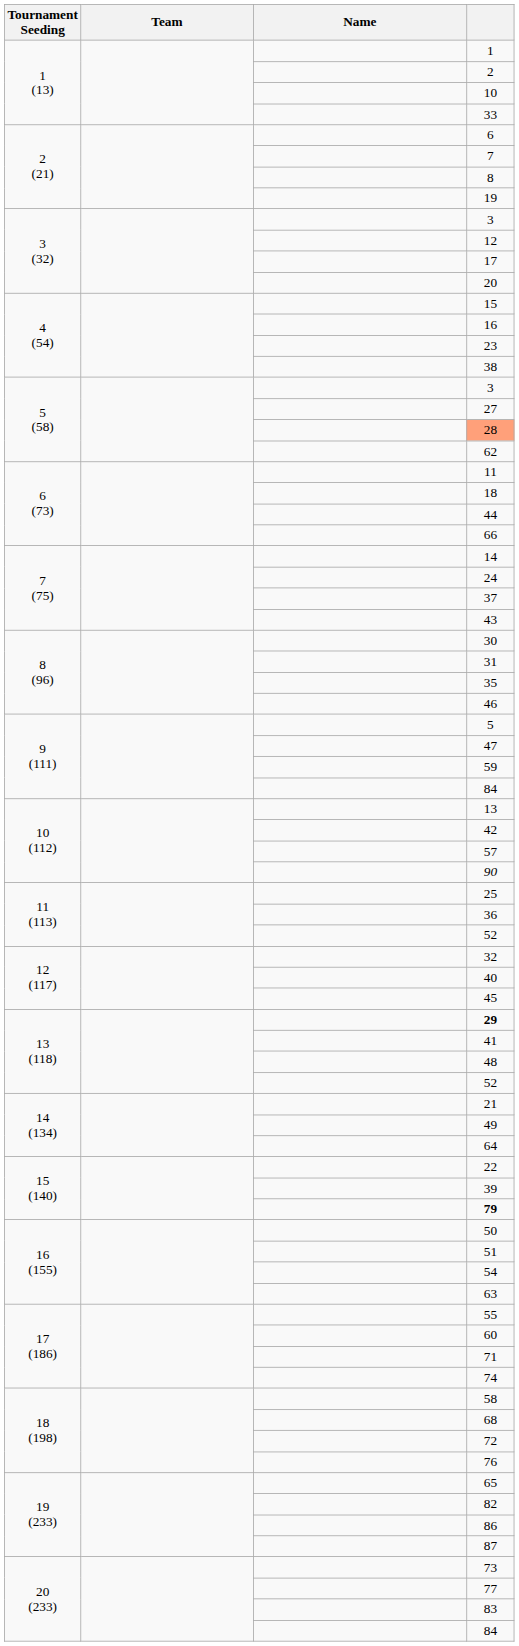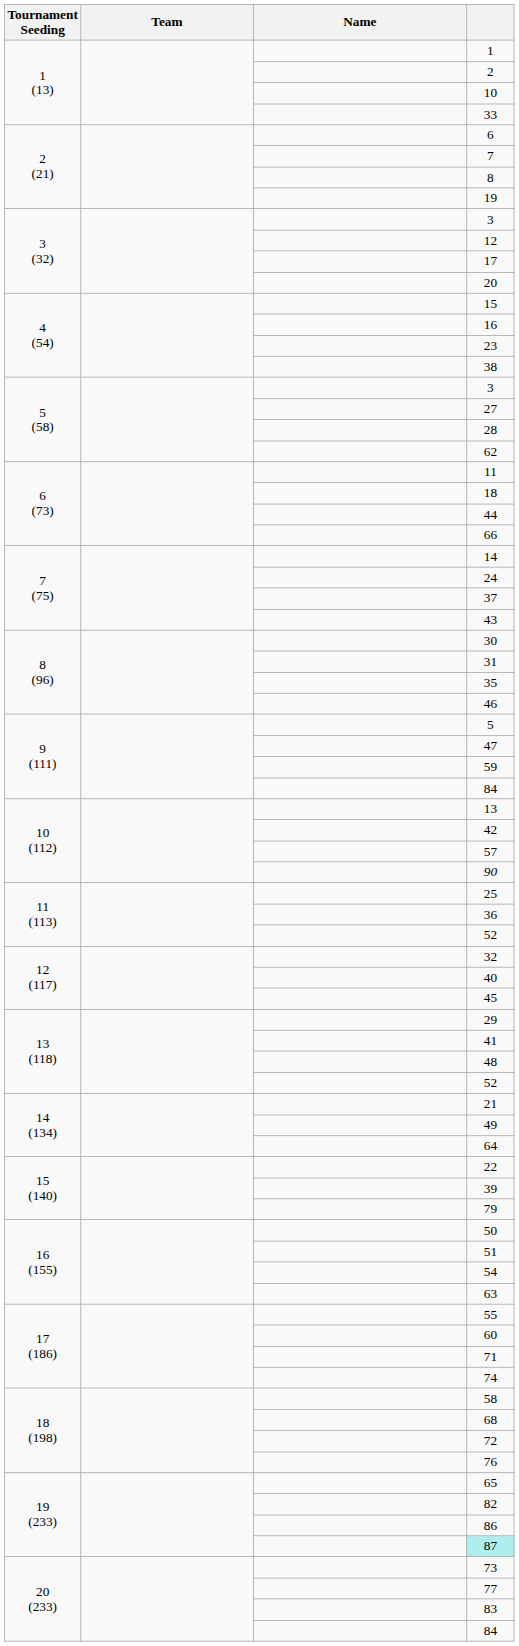 <table class="wikitable" style="text-align:center">
 <tr>
 <th width="50">Tournament Seeding</th>
 <th width="200">Team</th>
 <th width="250">Name</th>
 <th width="50"></th>
 </tr>
 <tr>
 <td rowspan="4">1<br>(13)</td>
 <td rowspan="4" align="left"></td>
 <td align="left"></td>
 <td>1</td>
 </tr>
 <tr>
 <td align="left"></td>
 <td>2</td>
 </tr>
 <tr>
 <td align="left"></td>
 <td>10</td>
 </tr>
 <tr>
 <td align="left"></td>
 <td>33</td>
 </tr>
 <tr>
 <td rowspan="4">2<br>(21)</td>
 <td rowspan="4" align="left"></td>
 <td align="left"></td>
 <td>6</td>
 </tr>
 <tr>
 <td align="left"></td>
 <td>7</td>
 </tr>
 <tr>
 <td align="left"></td>
 <td>8</td>
 </tr>
 <tr>
 <td align="left"></td>
 <td>19</td>
 </tr>
 <tr>
 <td rowspan="4">3<br>(32)</td>
 <td rowspan="4" align="left"></td>
 <td align="left"></td>
 <td>3</td>
 </tr>
 <tr>
 <td align="left"></td>
 <td>12</td>
 </tr>
 <tr>
 <td align="left"></td>
 <td>17</td>
 </tr>
 <tr>
 <td align="left"></td>
 <td>20</td>
 </tr>
 <tr>
 <td rowspan="4">4<br>(54)</td>
 <td rowspan="4" align="left"></td>
 <td align="left"></td>
 <td>15</td>
 </tr>
 <tr>
 <td align="left"></td>
 <td>16</td>
 </tr>
 <tr>
 <td align="left"></td>
 <td>23</td>
 </tr>
 <tr>
 <td align="left"></td>
 <td>38</td>
 </tr>
 <tr>
 <td rowspan="4">5<br>(58)</td>
 <td rowspan="4" align="left"></td>
 <td align="left"></td>
 <td>3</td>
 </tr>
 <tr>
 <td align="left"></td>
 <td>27</td>
 </tr>
 <tr>
 <td align="left"></td>
-<td style="background: lightsalmon;">28</td>
+<td>28</td>
 </tr>
 <tr>
 <td align="left"></td>
 <td>62</td>
 </tr>
 <tr>
 <td rowspan="4">6<br>(73)</td>
 <td rowspan="4" align="left"></td>
 <td align="left"></td>
 <td>11</td>
 </tr>
 <tr>
 <td align="left"></td>
 <td>18</td>
 </tr>
 <tr>
 <td align="left"></td>
 <td>44</td>
 </tr>
 <tr>
 <td align="left"></td>
 <td>66</td>
 </tr>
 <tr>
 <td rowspan="4">7<br>(75)</td>
 <td rowspan="4" align="left"></td>
 <td align="left"></td>
 <td>14</td>
 </tr>
 <tr>
 <td align="left"></td>
 <td>24</td>
 </tr>
 <tr>
 <td align="left"></td>
 <td>37</td>
 </tr>
 <tr>
 <td align="left"></td>
 <td>43</td>
 </tr>
 <tr>
 <td rowspan="4">8<br>(96)</td>
 <td rowspan="4" align="left"></td>
 <td align="left"></td>
 <td>30</td>
 </tr>
 <tr>
 <td align="left"></td>
 <td>31</td>
 </tr>
 <tr>
 <td align="left"></td>
 <td>35</td>
 </tr>
 <tr>
 <td align="left"></td>
 <td>46</td>
 </tr>
 <tr>
 <td rowspan="4">9<br>(111)</td>
 <td rowspan="4" align="left"></td>
 <td align="left"></td>
 <td>5</td>
 </tr>
 <tr>
 <td align="left"></td>
 <td>47</td>
 </tr>
 <tr>
 <td align="left"></td>
 <td>59</td>
 </tr>
 <tr>
 <td align="left"></td>
 <td>84</td>
 </tr>
 <tr>
 <td rowspan="4">10<br>(112)</td>
 <td rowspan="4" align="left"></td>
 <td align="left"></td>
 <td>13</td>
 </tr>
 <tr>
 <td align="left"></td>
 <td>42</td>
 </tr>
 <tr>
 <td align="left"></td>
 <td>57</td>
 </tr>
 <tr>
 <td align="left"><em></em></td>
 <td><em>90</em></td>
 </tr>
 <tr>
 <td rowspan="3">11<br>(113)</td>
 <td rowspan="3" align="left"></td>
 <td align="left"></td>
 <td>25</td>
 </tr>
 <tr>
 <td align="left"></td>
 <td>36</td>
 </tr>
 <tr>
 <td align="left"></td>
 <td>52</td>
 </tr>
 <tr>
 <td rowspan="3">12<br>(117)</td>
 <td rowspan="3" align="left"></td>
 <td align="left"></td>
 <td>32</td>
 </tr>
 <tr>
 <td align="left"></td>
 <td>40</td>
 </tr>
 <tr>
 <td align="left"></td>
 <td>45</td>
 </tr>
 <tr>
 <td rowspan="4">13<br>(118)</td>
 <td rowspan="4" align="left"></td>
 <td align="left"></td>
-<td><strong>29</strong></td>
+<td>29</td>
 </tr>
 <tr>
 <td align="left"></td>
 <td>41</td>
 </tr>
 <tr>
 <td align="left"></td>
 <td>48</td>
 </tr>
 <tr>
 <td align="left"></td>
 <td>52</td>
 </tr>
 <tr>
 <td rowspan="3">14<br>(134)</td>
 <td rowspan="3" align="left"></td>
 <td align="left"></td>
 <td>21</td>
 </tr>
 <tr>
 <td align="left"></td>
 <td>49</td>
 </tr>
 <tr>
 <td align="left"></td>
 <td>64</td>
 </tr>
 <tr>
 <td rowspan="3">15<br>(140)</td>
 <td rowspan="3" align="left"></td>
 <td align="left"></td>
 <td>22</td>
 </tr>
 <tr>
 <td align="left"></td>
 <td>39</td>
 </tr>
 <tr>
 <td align="left"></td>
-<td><strong>79</strong></td>
+<td>79</td>
 </tr>
 <tr>
 <td rowspan="4">16<br>(155)</td>
 <td rowspan="4" align="left"></td>
 <td align="left"></td>
 <td>50</td>
 </tr>
 <tr>
 <td align="left"></td>
 <td>51</td>
 </tr>
 <tr>
 <td align="left"></td>
 <td>54</td>
 </tr>
 <tr>
 <td align="left"></td>
 <td>63</td>
 </tr>
 <tr>
 <td rowspan="4">17<br>(186)</td>
 <td rowspan="4" align="left"></td>
 <td align="left"></td>
 <td>55</td>
 </tr>
 <tr>
 <td align="left"></td>
 <td>60</td>
 </tr>
 <tr>
 <td align="left"></td>
 <td>71</td>
 </tr>
 <tr>
 <td align="left"></td>
 <td>74</td>
 </tr>
 <tr>
 <td rowspan="4">18<br>(198)</td>
 <td rowspan="4" align="left"></td>
 <td align="left"></td>
 <td>58</td>
 </tr>
 <tr>
 <td align="left"></td>
 <td>68</td>
 </tr>
 <tr>
 <td align="left"></td>
 <td>72</td>
 </tr>
 <tr>
 <td align="left"></td>
 <td>76</td>
 </tr>
 <tr>
 <td rowspan="4">19<br>(233)</td>
 <td rowspan="4" align="left"></td>
 <td align="left"></td>
 <td>65</td>
 </tr>
 <tr>
 <td align="left"></td>
 <td>82</td>
 </tr>
 <tr>
 <td align="left"></td>
 <td>86</td>
 </tr>
 <tr>
 <td align="left"></td>
-<td>87</td>
+<td style="background: paleturquoise;">87</td>
 </tr>
 <tr>
 <td rowspan="4">20<br>(233)</td>
 <td rowspan="4" align="left"></td>
 <td align="left"></td>
 <td>73</td>
 </tr>
 <tr>
 <td align="left"></td>
 <td>77</td>
 </tr>
 <tr>
 <td align="left"></td>
 <td>83</td>
 </tr>
 <tr>
 <td align="left"></td>
 <td>84</td>
 </tr>
 </table>
